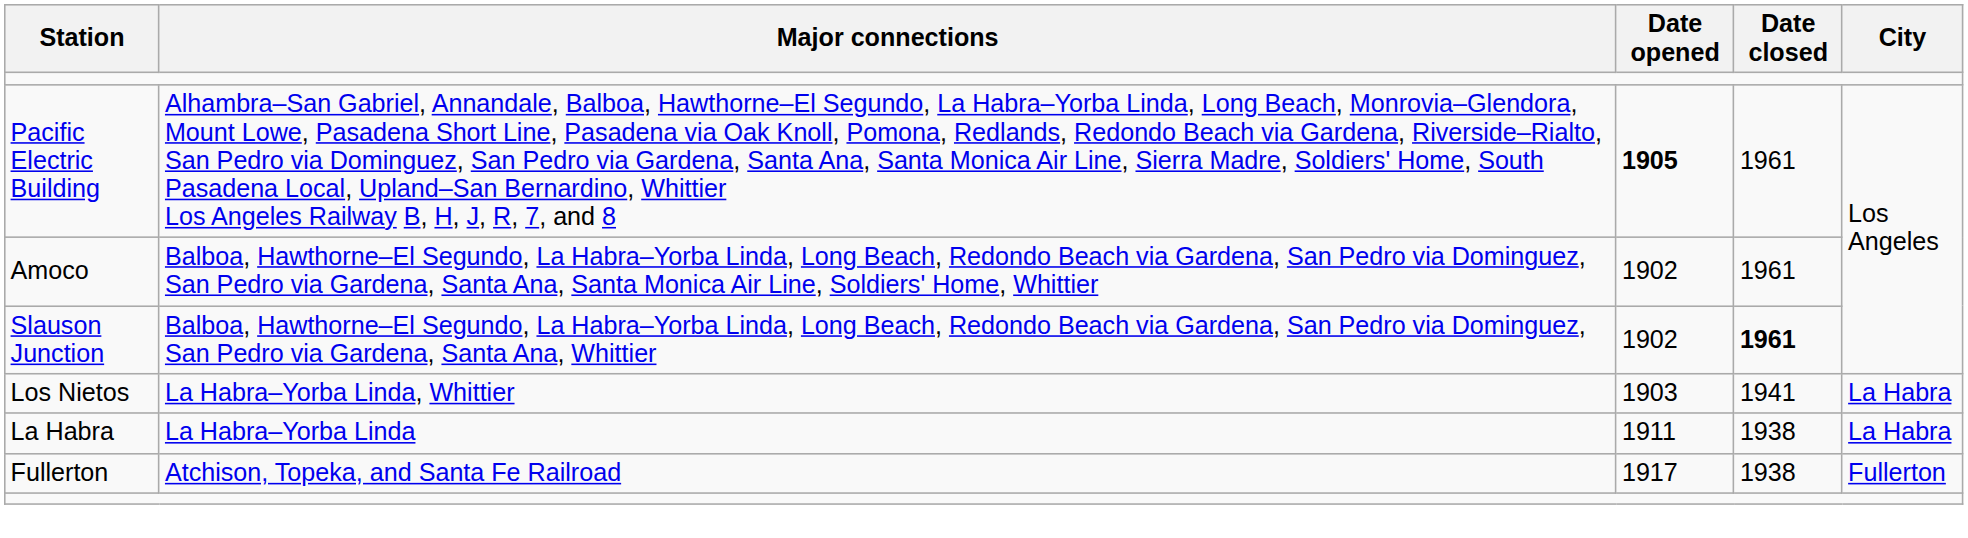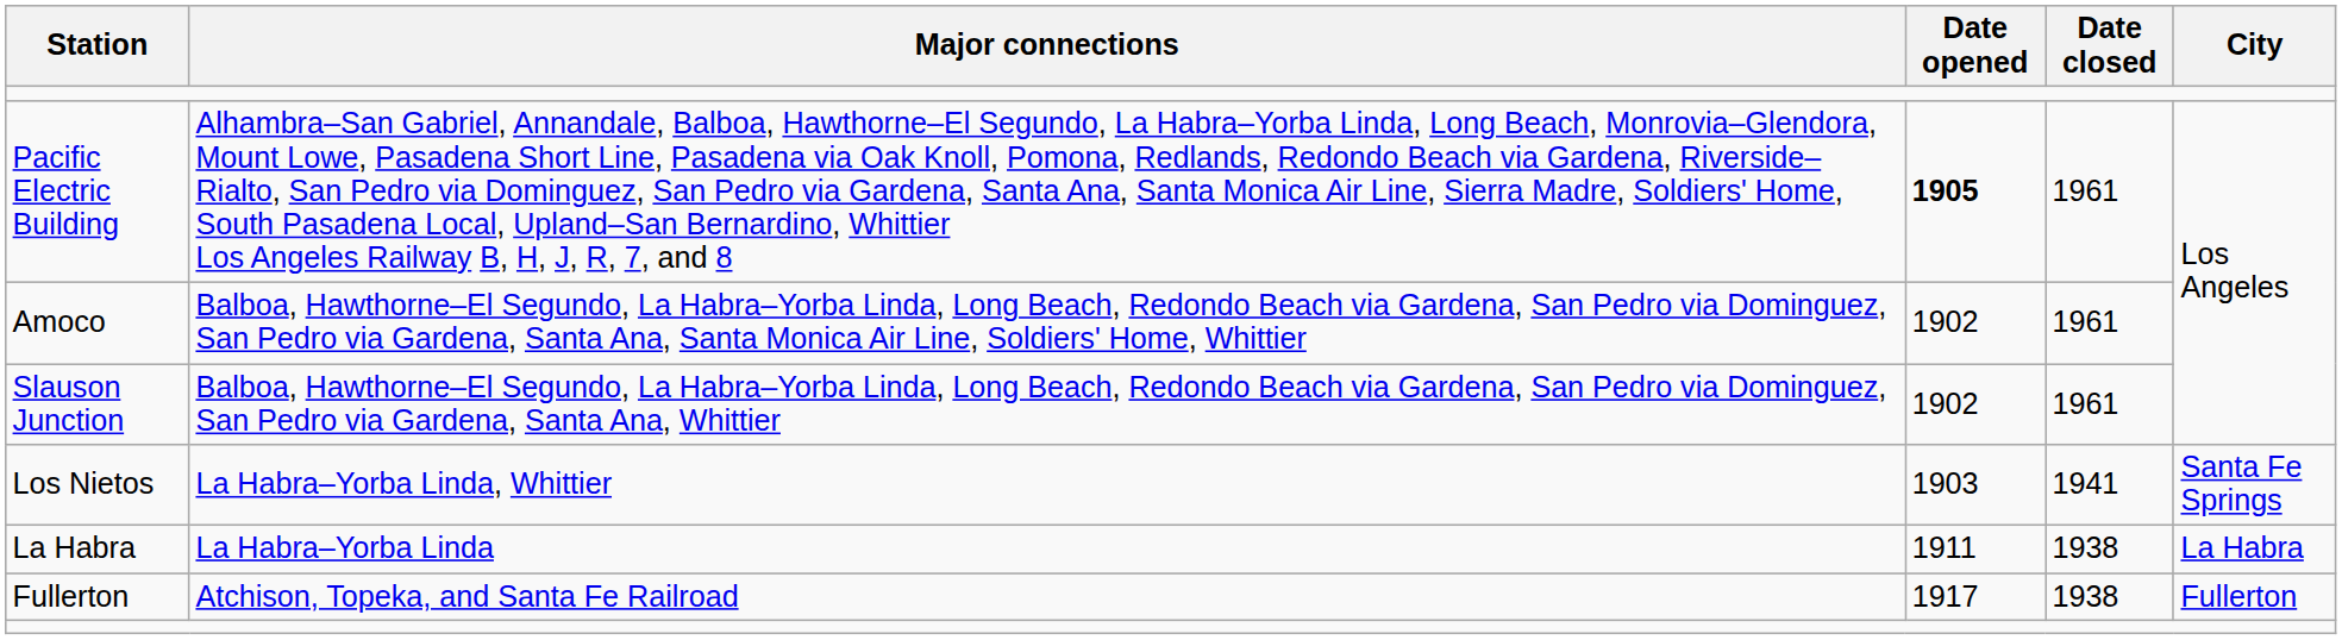 <table class="wikitable">
 <tr>
 <th>Station</th>
 <th>Major connections</th>
 <th>Date opened</th>
 <th>Date closed</th>
 <th>City</th>
 </tr>
 <tr>
 <td colspan = "5"></td>
 </tr>
 <tr>
 <td><a href='#'>Pacific Electric Building</a></td>
 <td><a href='#'>Alhambra–San Gabriel</a>, <a href='#'>Annandale</a>, <a href='#'>Balboa</a>, <a href='#'>Hawthorne–El Segundo</a>, <a href='#'>La Habra–Yorba Linda</a>, <a href='#'>Long Beach</a>, <a href='#'>Monrovia–Glendora</a>, <a href='#'>Mount Lowe</a>, <a href='#'>Pasadena Short Line</a>, <a href='#'>Pasadena via Oak Knoll</a>, <a href='#'>Pomona</a>, <a href='#'>Redlands</a>, <a href='#'>Redondo Beach via Gardena</a>, <a href='#'>Riverside–Rialto</a>, <a href='#'>San Pedro via Dominguez</a>, <a href='#'>San Pedro via Gardena</a>, <a href='#'>Santa Ana</a>, <a href='#'>Santa Monica Air Line</a>, <a href='#'>Sierra Madre</a>, <a href='#'>Soldiers' Home</a>, <a href='#'>South Pasadena Local</a>, <a href='#'>Upland–San Bernardino</a>, <a href='#'>Whittier</a><br><a href='#'>Los Angeles Railway</a> <a href='#'>B</a>, <a href='#'>H</a>, <a href='#'>J</a>, <a href='#'>R</a>, <a href='#'>7</a>, and <a href='#'>8</a></td>
 <td><strong>1905</strong></td>
 <td>1961</td>
 <td rowspan=3>Los Angeles</td>
 </tr>
 <tr>
 <td>Amoco</td>
 <td><a href='#'>Balboa</a>, <a href='#'>Hawthorne–El Segundo</a>, <a href='#'>La Habra–Yorba Linda</a>, <a href='#'>Long Beach</a>, <a href='#'>Redondo Beach via Gardena</a>, <a href='#'>San Pedro via Dominguez</a>, <a href='#'>San Pedro via Gardena</a>, <a href='#'>Santa Ana</a>, <a href='#'>Santa Monica Air Line</a>, <a href='#'>Soldiers' Home</a>, <a href='#'>Whittier</a></td>
 <td>1902</td>
 <td>1961</td>
 </tr>
 <tr>
 <td><a href='#'>Slauson Junction</a></td>
 <td><a href='#'>Balboa</a>, <a href='#'>Hawthorne–El Segundo</a>, <a href='#'>La Habra–Yorba Linda</a>, <a href='#'>Long Beach</a>, <a href='#'>Redondo Beach via Gardena</a>, <a href='#'>San Pedro via Dominguez</a>, <a href='#'>San Pedro via Gardena</a>, <a href='#'>Santa Ana</a>, <a href='#'>Whittier</a></td>
 <td>1902</td>
-<td><strong>1961</strong></td>
+<td>1961</td>
 </tr>
 <tr>
 <td>Los Nietos</td>
 <td><a href='#'>La Habra–Yorba Linda</a>, <a href='#'>Whittier</a></td>
 <td>1903</td>
 <td>1941</td>
-<td rowspan=1><a href='#'>La Habra</a></td>
+<td rowspan=1><a href='#'>Santa Fe Springs</a></td>
 </tr>
 <tr>
 <td>La Habra</td>
 <td><a href='#'>La Habra–Yorba Linda</a></td>
 <td>1911</td>
 <td>1938</td>
 <td rowspan=1><a href='#'>La Habra</a></td>
 </tr>
 <tr>
 <td>Fullerton</td>
 <td><a href='#'>Atchison, Topeka, and Santa Fe Railroad</a></td>
 <td>1917</td>
 <td>1938</td>
 <td rowspan=1><a href='#'>Fullerton</a></td>
 </tr>
 <tr>
 <td colspan = "5"></td>
 </tr>
 </table>
